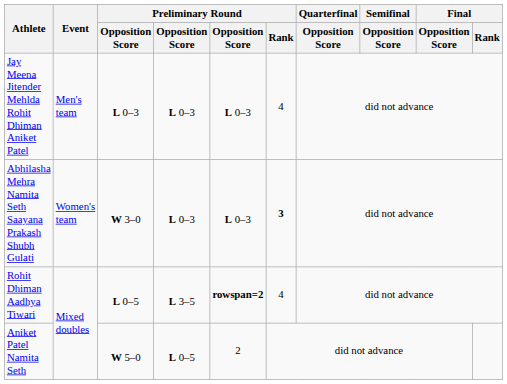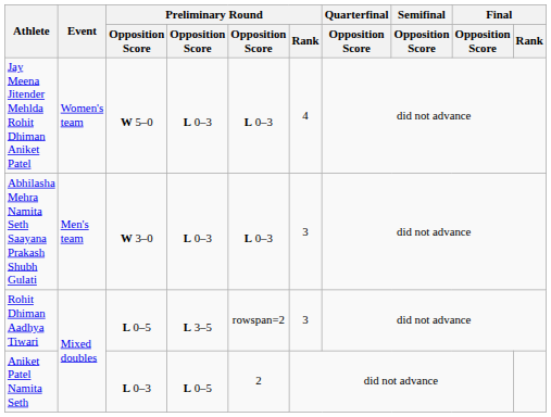 <table class=wikitable style=font-size:90%;text-align:center>
 <tr>
 <th rowspan="2">Athlete</th>
 <th rowspan="2">Event</th>
 <th colspan="4">Preliminary Round</th>
 <th>Quarterfinal</th>
 <th>Semifinal</th>
 <th colspan="2">Final</th>
 </tr>
 <tr>
 <th>Opposition<br>Score</th>
 <th>Opposition<br>Score</th>
 <th>Opposition<br>Score</th>
 <th>Rank</th>
 <th>Opposition<br>Score</th>
 <th>Opposition<br>Score</th>
 <th>Opposition<br>Score</th>
 <th>Rank</th>
 </tr>
 <tr>
 <td align=left><a href='#'>Jay Meena</a><br><a href='#'>Jitender Mehlda</a><br><a href='#'>Rohit Dhiman</a><br><a href='#'>Aniket Patel</a></td>
-<td align=left><a href='#'>Men's team</a></td>
-<td><br><strong>L</strong> 0–3</td>
+<td align=left><a href='#'>Women's team</a></td>
+<td><br><strong>W</strong> 5–0</td>
 <td><br><strong>L</strong> 0–3</td>
 <td><br><strong>L</strong> 0–3</td>
 <td>4</td>
 <td colspan=4>did not advance</td>
 </tr>
 <tr>
 <td align=left><a href='#'>Abhilasha Mehra</a><br><a href='#'>Namita Seth</a><br><a href='#'>Saayana Prakash</a><br><a href='#'>Shubh Gulati</a></td>
-<td align=left><a href='#'>Women's team</a></td>
+<td align=left><a href='#'>Men's team</a></td>
 <td><br><strong>W</strong> 3–0</td>
 <td><br><strong>L</strong> 0–3</td>
 <td><br><strong>L</strong> 0–3</td>
-<td><strong>3</strong></td>
+<td>3</td>
 <td colspan="4">did not advance</td>
 </tr>
 <tr>
 <td align=left><a href='#'>Rohit Dhiman</a><br><a href='#'>Aadhya Tiwari</a></td>
 <td align=left rowspan="2"><a href='#'>Mixed doubles</a></td>
 <td><br><strong>L</strong> 0–5</td>
 <td><br><strong>L</strong> 3–5</td>
-<td><strong>rowspan=2 </strong></td>
-<td>4</td>
+<td>rowspan=2 </td>
+<td>3</td>
 <td colspan=4>did not advance</td>
 </tr>
 <tr>
 <td align=left><a href='#'>Aniket Patel</a><br><a href='#'>Namita Seth</a></td>
-<td><br><strong>W</strong> 5–0</td>
+<td><br><strong>L</strong> 0–3</td>
 <td><br><strong>L</strong> 0–5</td>
 <td>2</td>
 <td colspan=4>did not advance</td>
 </tr>
 </table>
